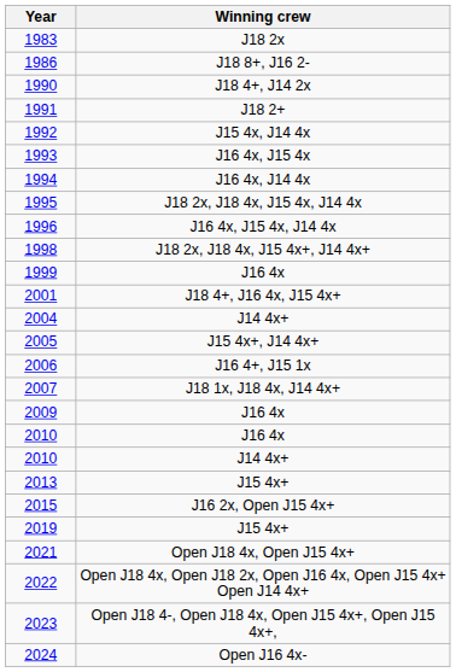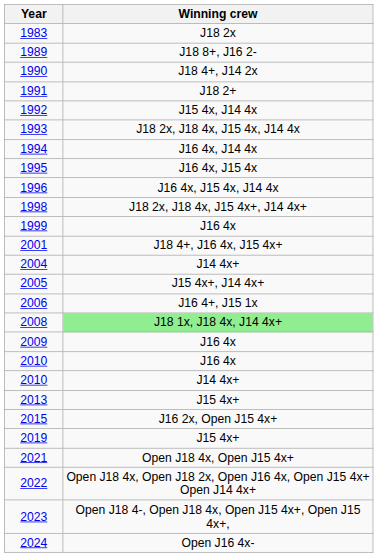 <table class="wikitable" style="text-align:center">
 <tr>
 <th width=70>Year</th>
 <th width=400>Winning crew</th>
 </tr>
 <tr>
 <td><a href='#'>1983</a></td>
 <td>J18 2x</td>
 </tr>
 <tr>
-<td><a href='#'>1986</a></td>
+<td><a href='#'>1989</a></td>
 <td>J18 8+, J16 2-</td>
 </tr>
 <tr>
 <td><a href='#'>1990</a></td>
 <td>J18 4+, J14 2x </td>
 </tr>
 <tr>
 <td><a href='#'>1991</a></td>
 <td>J18 2+</td>
 </tr>
 <tr>
 <td><a href='#'>1992</a></td>
 <td>J15 4x, J14 4x </td>
 </tr>
 <tr>
 <td><a href='#'>1993</a></td>
-<td>J16 4x, J15 4x </td>
+<td>J18 2x, J18 4x, J15 4x, J14 4x</td>
 </tr>
 <tr>
 <td><a href='#'>1994</a></td>
 <td>J16 4x, J14 4x</td>
 </tr>
 <tr>
 <td><a href='#'>1995</a></td>
-<td>J18 2x, J18 4x, J15 4x, J14 4x</td>
+<td>J16 4x, J15 4x </td>
 </tr>
 <tr>
 <td><a href='#'>1996</a></td>
 <td>J16 4x, J15 4x, J14 4x</td>
 </tr>
 <tr>
 <td><a href='#'>1998</a></td>
 <td>J18 2x, J18 4x, J15 4x+, J14 4x+</td>
 </tr>
 <tr>
 <td><a href='#'>1999</a></td>
 <td>J16 4x </td>
 </tr>
 <tr>
 <td><a href='#'>2001</a></td>
 <td>J18 4+, J16 4x, J15 4x+</td>
 </tr>
 <tr>
 <td><a href='#'>2004</a></td>
 <td>J14 4x+</td>
 </tr>
 <tr>
 <td><a href='#'>2005</a></td>
 <td>J15 4x+, J14 4x+</td>
 </tr>
 <tr>
 <td><a href='#'>2006</a></td>
 <td>J16 4+, J15 1x</td>
 </tr>
 <tr>
-<td><a href='#'>2007</a></td>
-<td>J18 1x, J18 4x, J14 4x+</td>
+<td><a href='#'>2008</a></td>
+<td style="background: lightgreen;">J18 1x, J18 4x, J14 4x+</td>
 </tr>
 <tr>
 <td><a href='#'>2009</a></td>
 <td>J16 4x</td>
 </tr>
 <tr>
 <td><a href='#'>2010</a></td>
 <td>J16 4x </td>
 </tr>
 <tr>
 <td><a href='#'>2010</a></td>
 <td>J14 4x+ </td>
 </tr>
 <tr>
 <td><a href='#'>2013</a></td>
 <td>J15 4x+ </td>
 </tr>
 <tr>
 <td><a href='#'>2015</a></td>
 <td>J16 2x, Open J15 4x+ </td>
 </tr>
 <tr>
 <td><a href='#'>2019</a></td>
 <td>J15 4x+ </td>
 </tr>
 <tr>
 <td><a href='#'>2021</a></td>
 <td>Open J18 4x, Open J15 4x+ </td>
 </tr>
 <tr>
 <td><a href='#'>2022</a></td>
 <td>Open J18 4x, Open J18 2x, Open J16 4x, Open J15 4x+ Open J14 4x+</td>
 </tr>
 <tr>
 <td><a href='#'>2023</a></td>
 <td>Open J18 4-, Open J18 4x, Open J15 4x+, Open J15 4x+,</td>
 </tr>
 <tr>
 <td><a href='#'>2024</a></td>
 <td>Open J16 4x-</td>
 </tr>
 </table>
